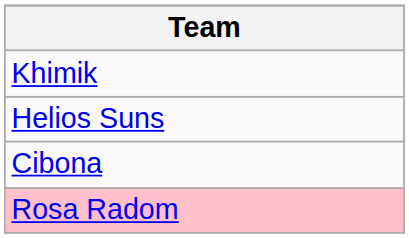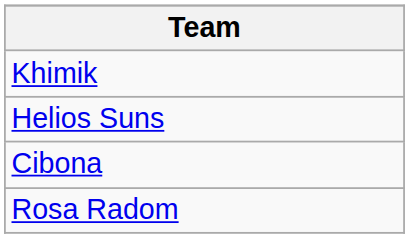 <table class="wikitable" style="width:14em;float:left; margin-right:0.5em">
 <tr>
 </tr>
 <tr>
 <th>Team</th>
 </tr>
 <tr>
 <td> <a href='#'>Khimik</a></td>
 </tr>
 <tr>
 <td> <a href='#'>Helios Suns</a></td>
 </tr>
 <tr>
 <td> <a href='#'>Cibona</a></td>
 </tr>
 <tr>
-<td style="background: pink;"> <a href='#'>Rosa Radom</a></td>
+<td> <a href='#'>Rosa Radom</a></td>
 </tr>
 </table>
